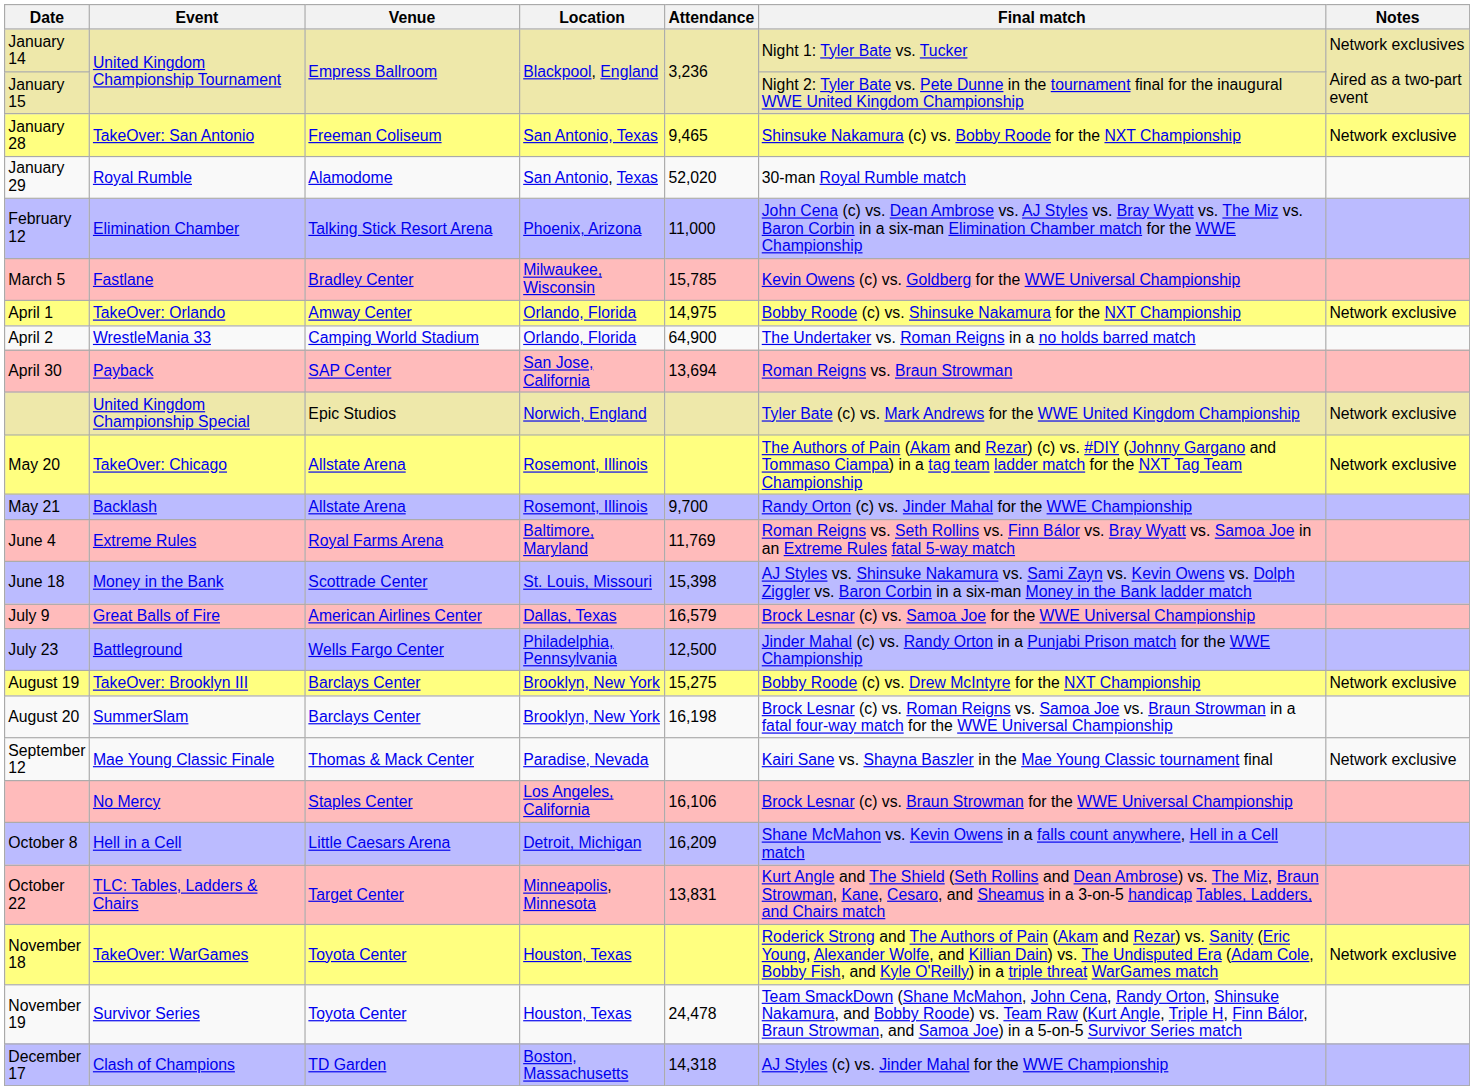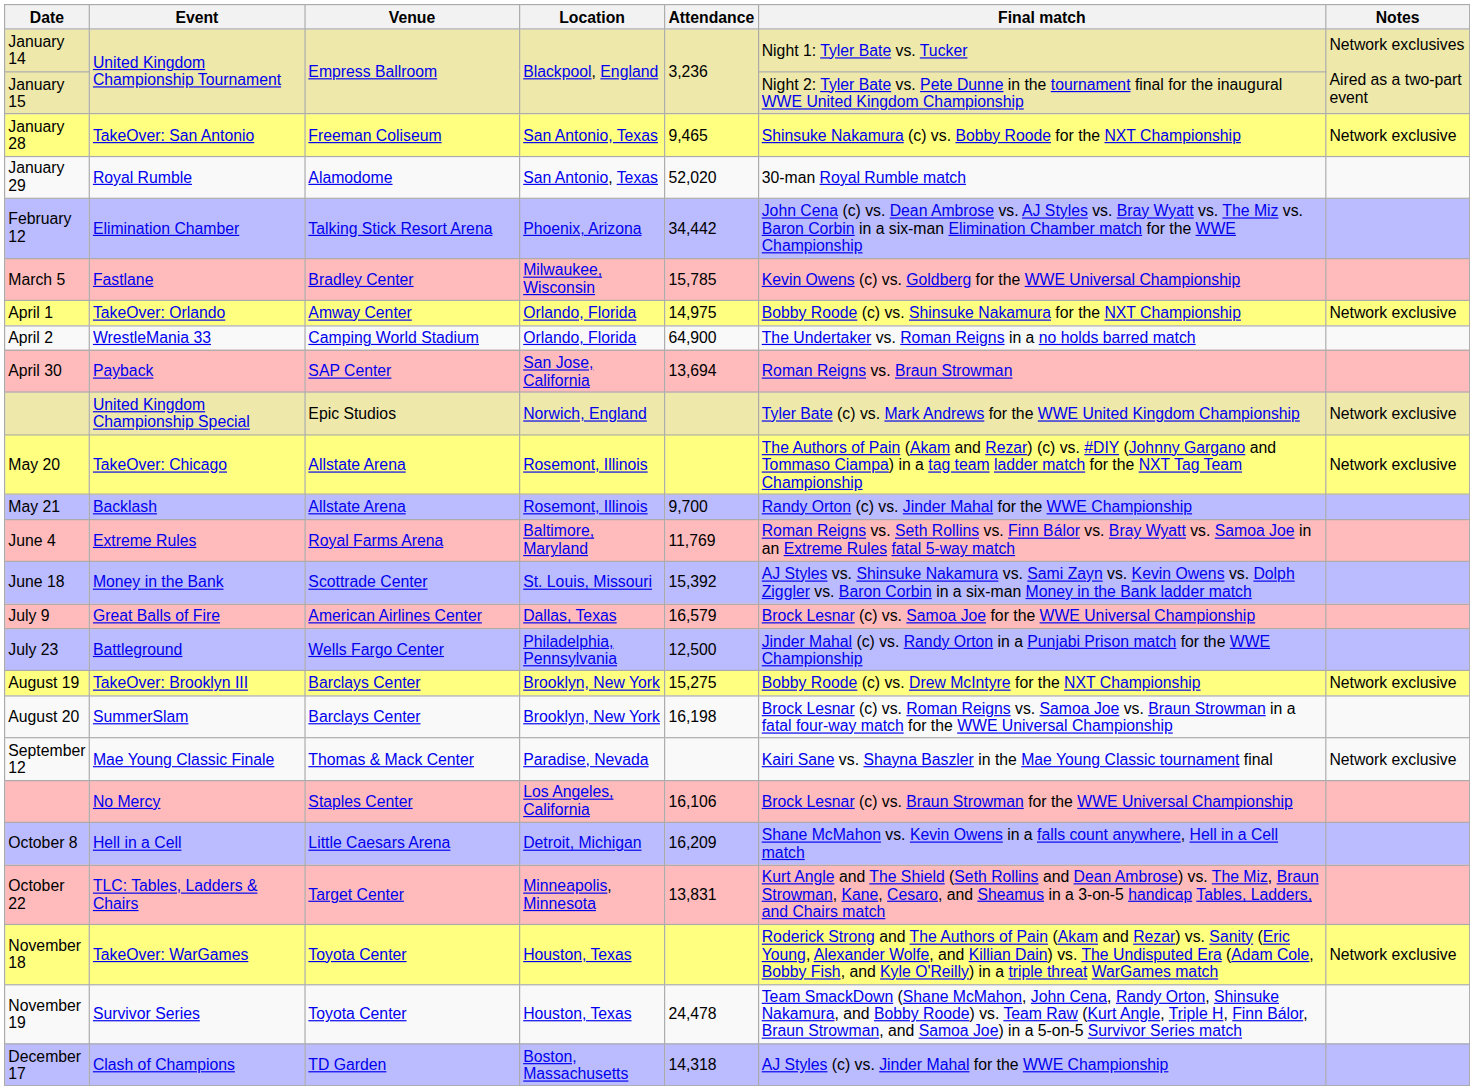 <table id="Past_events_2017" class="sortable wikitable succession-box" style="font-size:85%; width:100%">
 <tr>
 <th scope="col" style="width:5%;">Date</th>
 <th scope="col" style="width:15%;">Event</th>
 <th scope="col" style="width:15%;">Venue</th>
 <th scope="col" style="width:10%;">Location</th>
 <th scope="col" style="width:5%;">Attendance</th>
 <th scope="col" style="width:40%;">Final match</th>
 <th scope="col" style="width:10%;">Notes</th>
 </tr>
 <tr style="background: #EEE8AA;">
 <td>January 14</td>
 <td rowspan="2"><a href='#'>United Kingdom Championship Tournament</a></td>
 <td rowspan="2"><a href='#'>Empress Ballroom</a></td>
 <td rowspan="2"><a href='#'>Blackpool</a>, <a href='#'>England</a></td>
 <td rowspan="2">3,236</td>
 <td>Night 1: <a href='#'>Tyler Bate</a> vs. <a href='#'>Tucker</a></td>
 <td rowspan="2">Network exclusives<br><br>Aired as a two-part event</td>
 </tr>
 <tr style="background: #EEE8AA;">
 <td>January 15</td>
 <td>Night 2: <a href='#'>Tyler Bate</a> vs. <a href='#'>Pete Dunne</a> in the <a href='#'>tournament</a> final for the inaugural <a href='#'>WWE United Kingdom Championship</a></td>
 </tr>
 <tr style="background: #FFFF80;">
 <td>January 28</td>
 <td><a href='#'>TakeOver: San Antonio</a></td>
 <td><a href='#'>Freeman Coliseum</a></td>
 <td><a href='#'>San Antonio, Texas</a></td>
 <td>9,465</td>
 <td><a href='#'>Shinsuke Nakamura</a> (c) vs. <a href='#'>Bobby Roode</a> for the <a href='#'>NXT Championship</a></td>
 <td>Network exclusive</td>
 </tr>
 <tr>
 <td>January 29</td>
 <td><a href='#'>Royal Rumble</a></td>
 <td><a href='#'>Alamodome</a></td>
 <td><a href='#'>San Antonio</a>, <a href='#'>Texas</a></td>
 <td>52,020</td>
 <td>30-man <a href='#'>Royal Rumble match</a></td>
 <td></td>
 </tr>
 <tr style="background: #BBF;">
 <td>February 12</td>
 <td><a href='#'>Elimination Chamber</a></td>
 <td><a href='#'>Talking Stick Resort Arena</a></td>
 <td><a href='#'>Phoenix, Arizona</a></td>
-<td>11,000</td>
+<td>34,442</td>
 <td><a href='#'>John Cena</a> (c) vs. <a href='#'>Dean Ambrose</a> vs. <a href='#'>AJ Styles</a> vs. <a href='#'>Bray Wyatt</a> vs. <a href='#'>The Miz</a> vs. <a href='#'>Baron Corbin</a> in a six-man <a href='#'>Elimination Chamber match</a> for the <a href='#'>WWE Championship</a></td>
 <td></td>
 </tr>
 <tr style="background: #FBB;">
 <td>March 5</td>
 <td><a href='#'>Fastlane</a></td>
 <td><a href='#'>Bradley Center</a></td>
 <td><a href='#'>Milwaukee, Wisconsin</a></td>
 <td>15,785</td>
 <td><a href='#'>Kevin Owens</a> (c) vs. <a href='#'>Goldberg</a> for the <a href='#'>WWE Universal Championship</a></td>
 <td></td>
 </tr>
 <tr style="background: #FFFF80;">
 <td>April 1</td>
 <td><a href='#'>TakeOver: Orlando</a></td>
 <td><a href='#'>Amway Center</a></td>
 <td><a href='#'>Orlando, Florida</a></td>
 <td>14,975</td>
 <td><a href='#'>Bobby Roode</a> (c) vs. <a href='#'>Shinsuke Nakamura</a> for the <a href='#'>NXT Championship</a></td>
 <td>Network exclusive</td>
 </tr>
 <tr>
 <td>April 2</td>
 <td><a href='#'>WrestleMania 33</a></td>
 <td><a href='#'>Camping World Stadium</a></td>
 <td><a href='#'>Orlando, Florida</a></td>
 <td>64,900</td>
 <td><a href='#'>The Undertaker</a> vs. <a href='#'>Roman Reigns</a> in a <a href='#'>no holds barred match</a></td>
 <td></td>
 </tr>
 <tr style="background: #FBB;">
 <td>April 30</td>
 <td><a href='#'>Payback</a></td>
 <td><a href='#'>SAP Center</a></td>
 <td><a href='#'>San Jose, California</a></td>
 <td>13,694</td>
 <td><a href='#'>Roman Reigns</a> vs. <a href='#'>Braun Strowman</a></td>
 <td></td>
 </tr>
 <tr style="background: #EEE8AA">
 <td></td>
 <td><a href='#'>United Kingdom Championship Special</a></td>
 <td>Epic Studios</td>
 <td><a href='#'>Norwich, England</a></td>
 <td></td>
 <td><a href='#'>Tyler Bate</a> (c) vs. <a href='#'>Mark Andrews</a> for the <a href='#'>WWE United Kingdom Championship</a></td>
 <td>Network exclusive</td>
 </tr>
 <tr style="background: #FFFF80">
 <td>May 20</td>
 <td><a href='#'>TakeOver: Chicago</a></td>
 <td><a href='#'>Allstate Arena</a></td>
 <td><a href='#'>Rosemont, Illinois</a></td>
 <td></td>
 <td><a href='#'>The Authors of Pain</a> (<a href='#'>Akam</a> and <a href='#'>Rezar</a>) (c) vs. <a href='#'>#DIY</a> (<a href='#'>Johnny Gargano</a> and <a href='#'>Tommaso Ciampa</a>) in a <a href='#'>tag team</a> <a href='#'>ladder match</a> for the <a href='#'>NXT Tag Team Championship</a></td>
 <td>Network exclusive</td>
 </tr>
 <tr style="background:#BBF;">
 <td>May 21</td>
 <td><a href='#'>Backlash</a></td>
 <td><a href='#'>Allstate Arena</a></td>
 <td><a href='#'>Rosemont, Illinois</a></td>
 <td>9,700</td>
 <td><a href='#'>Randy Orton</a> (c) vs. <a href='#'>Jinder Mahal</a> for the <a href='#'>WWE Championship</a></td>
 <td></td>
 </tr>
 <tr style="background: #FBB;">
 <td>June 4</td>
 <td><a href='#'>Extreme Rules</a></td>
 <td><a href='#'>Royal Farms Arena</a></td>
 <td><a href='#'>Baltimore, Maryland</a></td>
 <td>11,769</td>
 <td><a href='#'>Roman Reigns</a> vs. <a href='#'>Seth Rollins</a> vs. <a href='#'>Finn Bálor</a> vs. <a href='#'>Bray Wyatt</a> vs. <a href='#'>Samoa Joe</a> in an <a href='#'>Extreme Rules</a> <a href='#'>fatal 5-way match</a></td>
 <td></td>
 </tr>
 <tr style="background:#BBF;">
 <td>June 18</td>
 <td><a href='#'>Money in the Bank</a></td>
 <td><a href='#'>Scottrade Center</a></td>
 <td><a href='#'>St. Louis, Missouri</a></td>
-<td>15,398</td>
+<td>15,392</td>
 <td><a href='#'>AJ Styles</a> vs. <a href='#'>Shinsuke Nakamura</a> vs. <a href='#'>Sami Zayn</a> vs. <a href='#'>Kevin Owens</a> vs. <a href='#'>Dolph Ziggler</a> vs. <a href='#'>Baron Corbin</a> in a six-man <a href='#'>Money in the Bank ladder match</a></td>
 <td></td>
 </tr>
 <tr style="background: #FBB;">
 <td>July 9</td>
 <td><a href='#'>Great Balls of Fire</a></td>
 <td><a href='#'>American Airlines Center</a></td>
 <td><a href='#'>Dallas, Texas</a></td>
 <td>16,579</td>
 <td><a href='#'>Brock Lesnar</a> (c) vs. <a href='#'>Samoa Joe</a> for the <a href='#'>WWE Universal Championship</a></td>
 <td></td>
 </tr>
 <tr style="background:#BBF;">
 <td>July 23</td>
 <td><a href='#'>Battleground</a></td>
 <td><a href='#'>Wells Fargo Center</a></td>
 <td><a href='#'>Philadelphia, Pennsylvania</a></td>
 <td>12,500</td>
 <td><a href='#'>Jinder Mahal</a> (c) vs. <a href='#'>Randy Orton</a> in a <a href='#'>Punjabi Prison match</a> for the <a href='#'>WWE Championship</a></td>
 <td></td>
 </tr>
 <tr style="background: #FFFF80">
 <td>August 19</td>
 <td><a href='#'>TakeOver: Brooklyn III</a></td>
 <td><a href='#'>Barclays Center</a></td>
 <td><a href='#'>Brooklyn, New York</a></td>
 <td>15,275</td>
 <td><a href='#'>Bobby Roode</a> (c) vs. <a href='#'>Drew McIntyre</a> for the <a href='#'>NXT Championship</a></td>
 <td>Network exclusive</td>
 </tr>
 <tr>
 <td>August 20</td>
 <td><a href='#'>SummerSlam</a></td>
 <td><a href='#'>Barclays Center</a></td>
 <td><a href='#'>Brooklyn, New York</a></td>
 <td>16,198</td>
 <td><a href='#'>Brock Lesnar</a> (c) vs. <a href='#'>Roman Reigns</a> vs. <a href='#'>Samoa Joe</a> vs. <a href='#'>Braun Strowman</a> in a <a href='#'>fatal four-way match</a> for the <a href='#'>WWE Universal Championship</a></td>
 <td></td>
 </tr>
 <tr>
 <td>September 12</td>
 <td><a href='#'>Mae Young Classic Finale</a></td>
 <td><a href='#'>Thomas & Mack Center</a></td>
 <td><a href='#'>Paradise, Nevada</a></td>
 <td></td>
 <td><a href='#'>Kairi Sane</a> vs. <a href='#'>Shayna Baszler</a> in the <a href='#'>Mae Young Classic tournament</a> final</td>
 <td>Network exclusive</td>
 </tr>
 <tr style="background: #FBB;">
 <td></td>
 <td><a href='#'>No Mercy</a></td>
 <td><a href='#'>Staples Center</a></td>
 <td><a href='#'>Los Angeles, California</a></td>
 <td>16,106</td>
 <td><a href='#'>Brock Lesnar</a> (c) vs. <a href='#'>Braun Strowman</a> for the <a href='#'>WWE Universal Championship</a></td>
 <td></td>
 </tr>
 <tr style="background: #BBF;">
 <td>October 8</td>
 <td><a href='#'>Hell in a Cell</a></td>
 <td><a href='#'>Little Caesars Arena</a></td>
 <td><a href='#'>Detroit, Michigan</a></td>
 <td>16,209</td>
 <td><a href='#'>Shane McMahon</a> vs. <a href='#'>Kevin Owens</a> in a <a href='#'>falls count anywhere</a>, <a href='#'>Hell in a Cell match</a></td>
 <td></td>
 </tr>
 <tr style="background: #FBB;">
 <td>October 22</td>
 <td><a href='#'>TLC: Tables, Ladders & Chairs</a></td>
 <td><a href='#'>Target Center</a></td>
 <td><a href='#'>Minneapolis</a>, <a href='#'>Minnesota</a></td>
 <td>13,831</td>
 <td><a href='#'>Kurt Angle</a> and <a href='#'>The Shield</a> (<a href='#'>Seth Rollins</a> and <a href='#'>Dean Ambrose</a>) vs. <a href='#'>The Miz</a>, <a href='#'>Braun Strowman</a>, <a href='#'>Kane</a>, <a href='#'>Cesaro</a>, and <a href='#'>Sheamus</a> in a 3-on-5 <a href='#'>handicap</a> <a href='#'>Tables, Ladders, and Chairs match</a></td>
 <td></td>
 </tr>
 <tr style="background: #FFFF80;">
 <td>November 18</td>
 <td><a href='#'>TakeOver: WarGames</a></td>
 <td><a href='#'>Toyota Center</a></td>
 <td><a href='#'>Houston, Texas</a></td>
 <td></td>
 <td><a href='#'>Roderick Strong</a> and <a href='#'>The Authors of Pain</a> (<a href='#'>Akam</a> and <a href='#'>Rezar</a>) vs. <a href='#'>Sanity</a> (<a href='#'>Eric Young</a>, <a href='#'>Alexander Wolfe</a>, and <a href='#'>Killian Dain</a>) vs. <a href='#'>The Undisputed Era</a> (<a href='#'>Adam Cole</a>, <a href='#'>Bobby Fish</a>, and <a href='#'>Kyle O'Reilly</a>) in a <a href='#'>triple threat</a> <a href='#'>WarGames match</a></td>
 <td>Network exclusive</td>
 </tr>
 <tr>
 <td>November 19</td>
 <td><a href='#'>Survivor Series</a></td>
 <td><a href='#'>Toyota Center</a></td>
 <td><a href='#'>Houston, Texas</a></td>
 <td>24,478</td>
 <td><a href='#'>Team SmackDown</a> (<a href='#'>Shane McMahon</a>, <a href='#'>John Cena</a>, <a href='#'>Randy Orton</a>, <a href='#'>Shinsuke Nakamura</a>, and <a href='#'>Bobby Roode</a>) vs. <a href='#'>Team Raw</a> (<a href='#'>Kurt Angle</a>, <a href='#'>Triple H</a>, <a href='#'>Finn Bálor</a>, <a href='#'>Braun Strowman</a>, and <a href='#'>Samoa Joe</a>) in a 5-on-5 <a href='#'>Survivor Series match</a></td>
 <td></td>
 </tr>
 <tr style="background: #BBF;">
 <td>December 17</td>
 <td><a href='#'>Clash of Champions</a></td>
 <td><a href='#'>TD Garden</a></td>
 <td><a href='#'>Boston, Massachusetts</a></td>
 <td>14,318</td>
 <td><a href='#'>AJ Styles</a> (c) vs. <a href='#'>Jinder Mahal</a> for the <a href='#'>WWE Championship</a></td>
 <td></td>
 </tr>
 </table>
